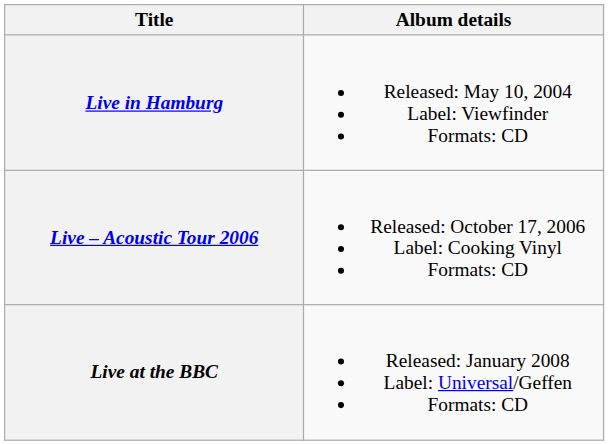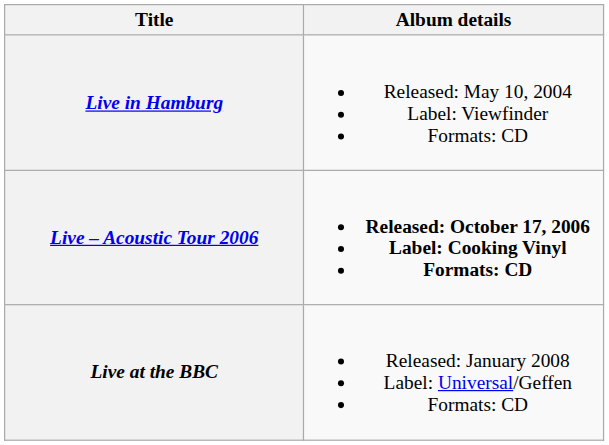 <table class="wikitable plainrowheaders" style="text-align:center;">
 <tr>
 <th scope="col" style="width:15em;">Title</th>
 <th scope="col" style="width:15em;">Album details</th>
 </tr>
 <tr>
 <th scope="row"><em><a href='#'>Live in Hamburg</a></em></th>
 <td><br><ul><li>Released: May 10, 2004</li><li>Label: Viewfinder</li><li>Formats: CD</li></ul></td>
 </tr>
 <tr>
 <th scope="row"><em><a href='#'>Live – Acoustic Tour 2006</a></em></th>
-<td><br><ul><li>Released: October 17, 2006</li><li>Label: Cooking Vinyl</li><li>Formats: CD</li></ul></td>
+<td><strong><br><ul><li>Released: October 17, 2006</li><li>Label: Cooking Vinyl</li><li>Formats: CD</li></ul></strong></td>
 </tr>
 <tr>
 <th scope="row"><em>Live at the BBC</em></th>
 <td><br><ul><li>Released: January 2008</li><li>Label: <a href='#'>Universal</a>/Geffen</li><li>Formats: CD</li></ul></td>
 </tr>
 </table>
